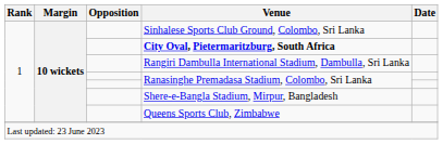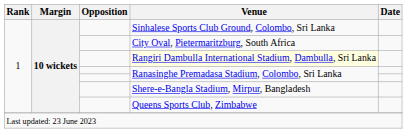 <table class="wikitable plainrowheaders sortable">
 <tr>
 <th scope=col>Rank</th>
 <th scope=col>Margin</th>
 <th scope=col>Opposition</th>
 <th scope=col>Venue</th>
 <th scope=col>Date</th>
 </tr>
 <tr>
 <td rowspan="7" align="center">1</td>
 <th rowspan="7" scope="row" style="text-align:center">10 wickets</th>
 <td></td>
 <td><a href='#'>Sinhalese Sports Club Ground</a>, <a href='#'>Colombo</a>, Sri Lanka</td>
 <td></td>
 </tr>
 <tr>
 <td></td>
-<td><strong><a href='#'>City Oval</a>, <a href='#'>Pietermaritzburg</a>, South Africa</strong></td>
+<td><a href='#'>City Oval</a>, <a href='#'>Pietermaritzburg</a>, South Africa</td>
 <td> </td>
 </tr>
 <tr>
 <td></td>
-<td><a href='#'>Rangiri Dambulla International Stadium</a>, <a href='#'>Dambulla</a>, Sri Lanka</td>
+<td style="background: lightyellow;"><a href='#'>Rangiri Dambulla International Stadium</a>, <a href='#'>Dambulla</a>, Sri Lanka</td>
 <td></td>
 </tr>
 <tr>
 <td></td>
 <td rowspan=2><a href='#'>Ranasinghe Premadasa Stadium</a>, <a href='#'>Colombo</a>, Sri Lanka</td>
 <td></td>
 </tr>
 <tr>
 <td></td>
 <td> </td>
 </tr>
 <tr>
 <td></td>
 <td><a href='#'>Shere-e-Bangla Stadium</a>, <a href='#'>Mirpur</a>, Bangladesh</td>
 <td></td>
 </tr>
 <tr>
 <td></td>
 <td><a href='#'>Queens Sports Club</a>, <a href='#'>Zimbabwe</a></td>
 <td> </td>
 </tr>
 <tr>
 </tr>
 <tr class=sortbottom>
 <td colspan=5><small>Last updated: 23 June 2023</small></td>
 </tr>
 </table>
